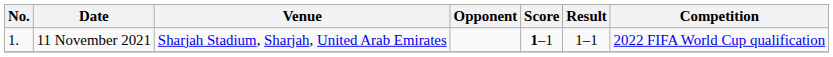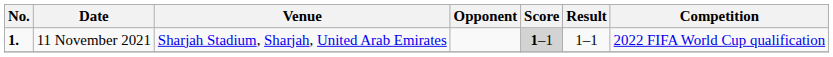 <table class="wikitable">
 <tr>
 <th>No.</th>
 <th>Date</th>
 <th>Venue</th>
 <th>Opponent</th>
 <th>Score</th>
 <th>Result</th>
 <th>Competition</th>
 </tr>
 <tr>
-<td>1.</td>
+<td><strong>1.</strong></td>
 <td>11 November 2021</td>
 <td><a href='#'>Sharjah Stadium</a>, <a href='#'>Sharjah</a>, <a href='#'>United Arab Emirates</a></td>
 <td></td>
-<td align=center><strong>1</strong>–1</td>
+<td align=center style="background: lightgrey;"><strong>1</strong>–1</td>
 <td align=center>1–1</td>
 <td><a href='#'>2022 FIFA World Cup qualification</a></td>
 </tr>
 <tr>
 </tr>
 </table>
